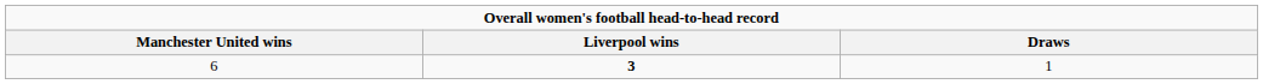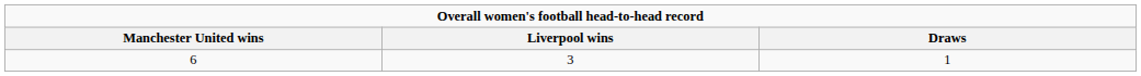 <table class="wikitable" style="font-size:90%;width:95%;text-align:center">
 <tr>
 <td colspan="3"><strong>Overall women's football head-to-head record</strong></td>
 </tr>
 <tr>
 <th width="33%">Manchester United wins</th>
 <th width="33%">Liverpool wins</th>
 <th width="33%">Draws</th>
 </tr>
 <tr>
 <td>6</td>
-<td><strong>3</strong></td>
+<td>3</td>
 <td>1</td>
 </tr>
 </table>
